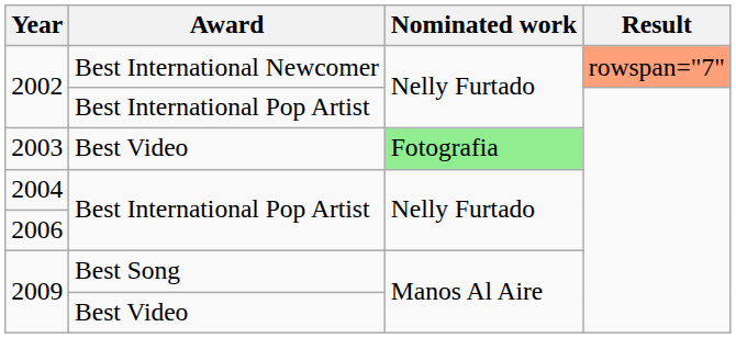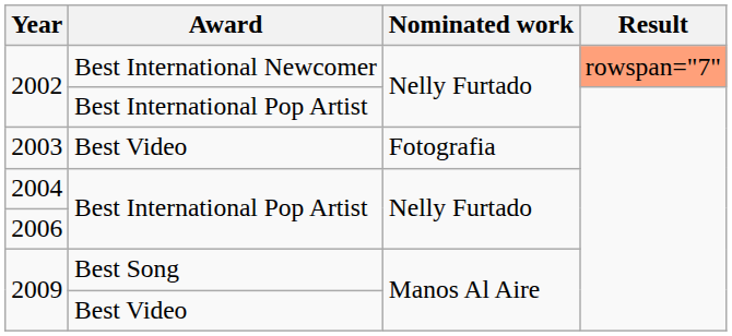 <table class="wikitable">
 <tr>
 <th>Year</th>
 <th>Award</th>
 <th>Nominated work</th>
 <th>Result</th>
 </tr>
 <tr>
 <td rowspan="2">2002</td>
 <td>Best International Newcomer</td>
 <td rowspan="2">Nelly Furtado</td>
 <td style="background: lightsalmon;">rowspan="7" </td>
 </tr>
 <tr>
 <td>Best International Pop Artist</td>
 </tr>
 <tr>
 <td>2003</td>
 <td>Best Video</td>
-<td style="background: lightgreen;">Fotografia</td>
+<td>Fotografia</td>
 </tr>
 <tr>
 <td>2004</td>
 <td rowspan="2">Best International Pop Artist</td>
 <td rowspan="2">Nelly Furtado</td>
 </tr>
 <tr>
 <td>2006</td>
 </tr>
 <tr>
 <td rowspan="2">2009</td>
 <td>Best Song</td>
 <td rowspan="2">Manos Al Aire</td>
 </tr>
 <tr>
 <td>Best Video</td>
 </tr>
 </table>
